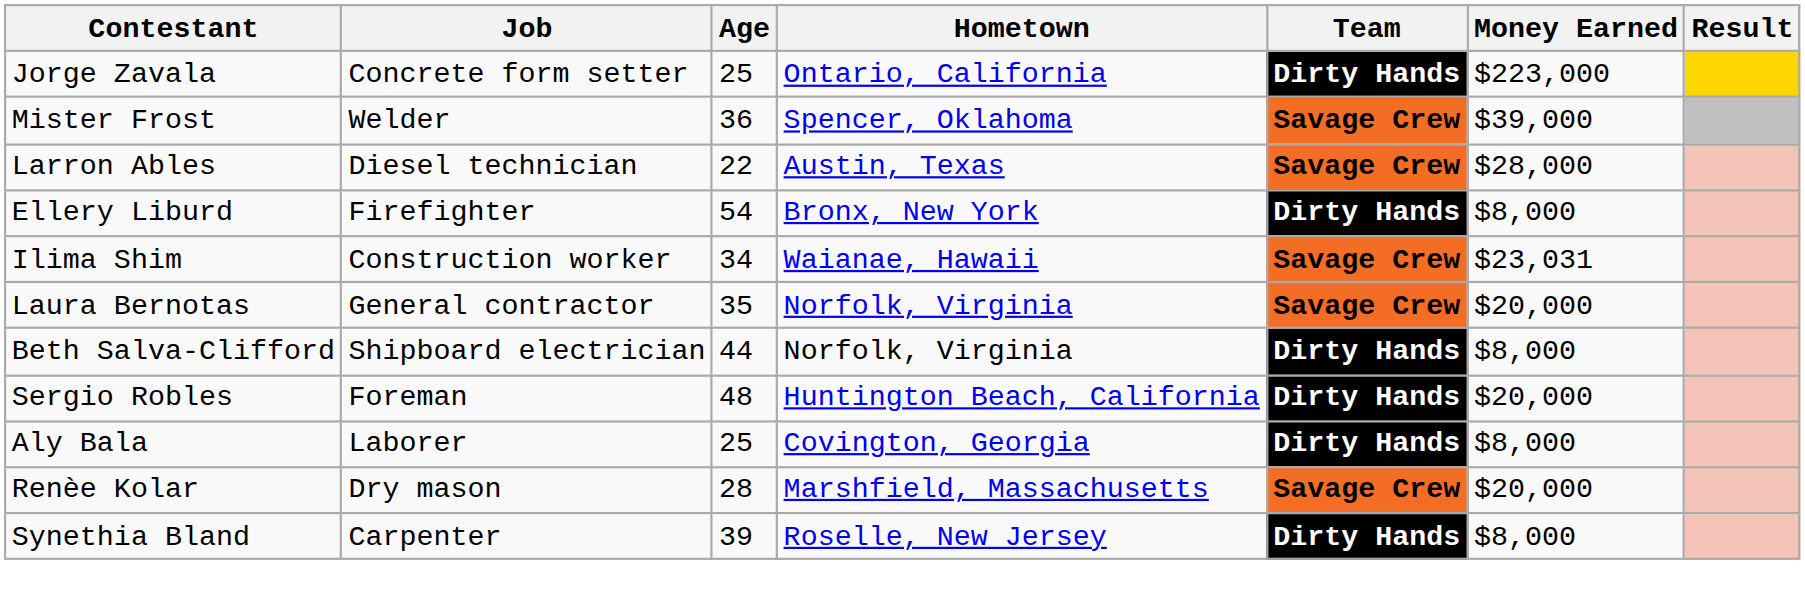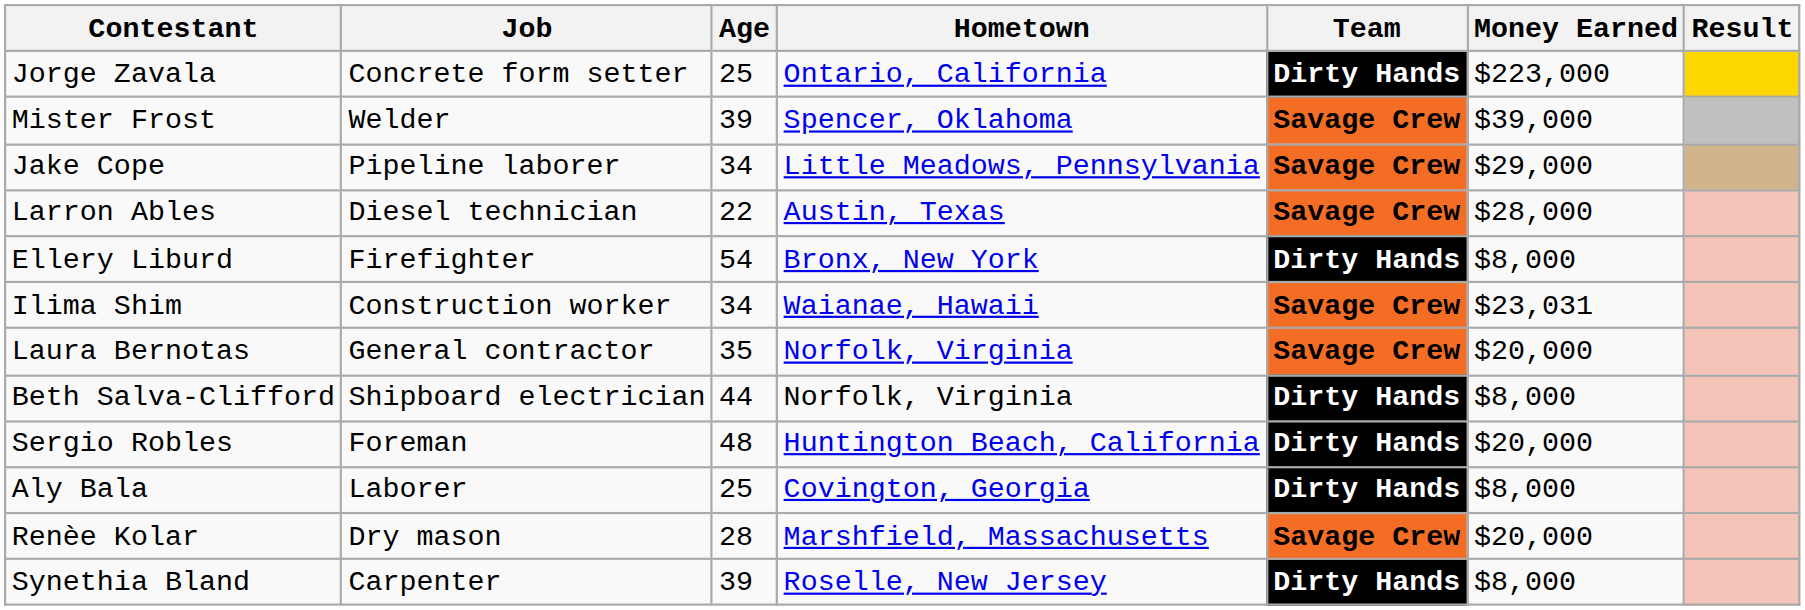 <table class="wikitable sortable">
 <tr>
 <th>Contestant</th>
 <th>Job</th>
 <th>Age</th>
 <th>Hometown</th>
 <th>Team</th>
 <th>Money Earned</th>
 <th>Result</th>
 </tr>
 <tr>
 <td>Jorge Zavala</td>
 <td>Concrete form setter</td>
 <td>25</td>
 <td><a href='#'>Ontario, California</a></td>
 <td style="background:#000000; color:#fff;"><strong>Dirty Hands</strong></td>
 <td>$223,000</td>
 <td style="background:gold; text'align:center;"></td>
 </tr>
 <tr>
 <td>Mister Frost</td>
 <td>Welder</td>
-<td>36</td>
+<td>39</td>
 <td><a href='#'>Spencer, Oklahoma</a></td>
 <td style="background:#F46D25; color:#000000;"><strong>Savage Crew</strong></td>
 <td>$39,000</td>
 <td style="background:silver; text'align:center;"></td>
+</tr>
+<tr>
+<td>Jake Cope</td>
+<td>Pipeline laborer</td>
+<td>34</td>
+<td><a href='#'>Little Meadows, Pennsylvania</a></td>
+<td style="background:#F46D25; color:#000000;"><strong>Savage Crew</strong></td>
+<td>$29,000</td>
+<td style="background:tan; text'align:center;"></td>
 </tr>
 <tr>
 <td>Larron Ables</td>
 <td>Diesel technician</td>
 <td>22</td>
 <td><a href='#'>Austin, Texas</a></td>
 <td style="background:#F46D25; color:#000000;"><strong>Savage Crew</strong></td>
 <td>$28,000</td>
 <td style="background:#f4c4b8; text'align:center;"></td>
 </tr>
 <tr>
 <td>Ellery Liburd</td>
 <td>Firefighter</td>
 <td>54</td>
 <td><a href='#'>Bronx, New York</a></td>
 <td style="background:#000000; color:#fff;"><strong>Dirty Hands</strong></td>
 <td>$8,000</td>
 <td style="background:#f4c4b8; text'align:center;"></td>
 </tr>
 <tr>
 <td>Ilima Shim</td>
 <td>Construction worker</td>
 <td>34</td>
 <td><a href='#'>Waianae, Hawaii</a></td>
 <td style="background:#F46D25; color:#000000;"><strong>Savage Crew</strong></td>
 <td>$23,031</td>
 <td style="background:#f4c4b8; text'align:center;"></td>
 </tr>
 <tr>
 <td>Laura Bernotas</td>
 <td>General contractor</td>
 <td>35</td>
 <td><a href='#'>Norfolk, Virginia</a></td>
 <td style="background:#F46D25; color:#000000;"><strong>Savage Crew</strong></td>
 <td>$20,000</td>
 <td style="background:#f4c4b8; text'align:center;"></td>
 </tr>
 <tr>
 <td>Beth Salva-Clifford</td>
 <td>Shipboard electrician</td>
 <td>44</td>
 <td>Norfolk, Virginia</td>
 <td style="background:#000000; color:#fff;"><strong>Dirty Hands</strong></td>
 <td>$8,000</td>
 <td style="background:#f4c4b8; text'align:center;"></td>
 </tr>
 <tr>
 <td>Sergio Robles</td>
 <td>Foreman</td>
 <td>48</td>
 <td><a href='#'>Huntington Beach, California</a></td>
 <td style="background:#000000; color:#fff;"><strong>Dirty Hands</strong></td>
 <td>$20,000</td>
 <td style="background:#f4c4b8; text'align:center;"></td>
 </tr>
 <tr>
 <td>Aly Bala</td>
 <td>Laborer</td>
 <td>25</td>
 <td><a href='#'>Covington, Georgia</a></td>
 <td style="background:#000000; color:#fff;"><strong>Dirty Hands</strong></td>
 <td>$8,000</td>
 <td style="background:#f4c4b8; text'align:center;"></td>
 </tr>
 <tr>
 <td>Renèe Kolar</td>
 <td>Dry mason</td>
 <td>28</td>
 <td><a href='#'>Marshfield, Massachusetts</a></td>
 <td style="background:#F46D25; color:#000000;"><strong>Savage Crew</strong></td>
 <td>$20,000</td>
 <td style="background:#f4c4b8; text'align:center;"></td>
 </tr>
 <tr>
 <td>Synethia Bland</td>
 <td>Carpenter</td>
 <td>39</td>
 <td><a href='#'>Roselle, New Jersey</a></td>
 <td style="background:#000000; color:#fff;"><strong>Dirty Hands</strong></td>
 <td>$8,000</td>
 <td style="background:#f4c4b8; text'align:center;"></td>
 </tr>
 </table>
